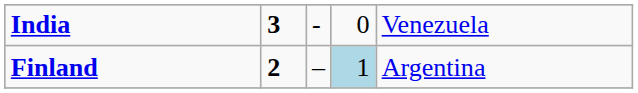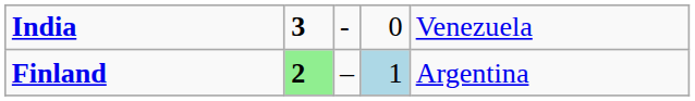 <table class="wikitable">
 <tr>
 <td width=150> <strong><a href='#'>India</a></strong></td>
 <td style="width:20px; text-align:left;"><strong>3</strong></td>
 <td>-</td>
 <td style="width:20px; text-align:right;">0</td>
 <td width=150> <a href='#'>Venezuela</a></td>
 </tr>
 <tr>
 <td> <strong><a href='#'>Finland</a></strong></td>
-<td style="text-align:left;"><strong>2</strong></td>
+<td style="background: lightgreen; text-align:left;"><strong>2</strong></td>
 <td>–</td>
 <td style="background: lightblue; text-align:right;">1</td>
 <td> <a href='#'>Argentina</a></td>
 </tr>
 </table>
